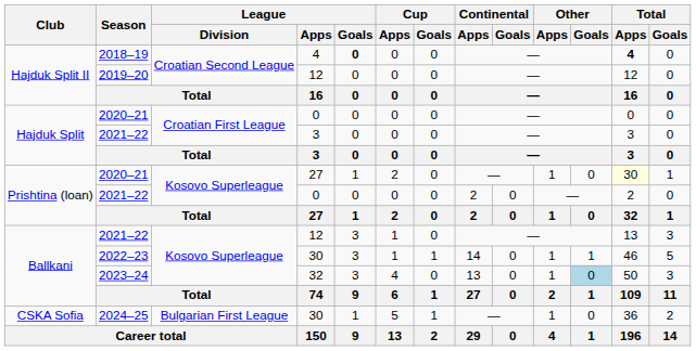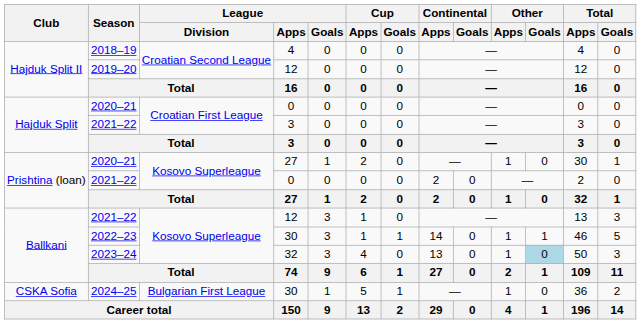 <table class="wikitable" style="text-align:center">
 <tr>
 <th rowspan="2">Club</th>
 <th rowspan="2">Season</th>
 <th colspan="3">League</th>
 <th colspan="2">Cup</th>
 <th colspan="2">Continental</th>
 <th colspan="2">Other</th>
 <th colspan="2">Total</th>
 </tr>
 <tr>
 <th>Division</th>
 <th>Apps</th>
 <th>Goals</th>
 <th>Apps</th>
 <th>Goals</th>
 <th>Apps</th>
 <th>Goals</th>
 <th>Apps</th>
 <th>Goals</th>
 <th>Apps</th>
 <th>Goals</th>
 </tr>
 <tr>
 <td rowspan="3"><a href='#'>Hajduk Split II</a></td>
 <td><a href='#'>2018–19</a></td>
 <td rowspan="2"><a href='#'>Croatian Second League</a></td>
 <td>4</td>
-<td><strong>0</strong></td>
+<td>0</td>
 <td>0</td>
 <td>0</td>
 <td colspan="4">—</td>
-<td><strong>4</strong></td>
+<td>4</td>
 <td>0</td>
 </tr>
 <tr>
 <td><a href='#'>2019–20</a></td>
 <td>12</td>
 <td>0</td>
 <td>0</td>
 <td>0</td>
 <td colspan="4">—</td>
 <td>12</td>
 <td>0</td>
 </tr>
 <tr>
 <th colspan="2">Total</th>
 <th>16</th>
 <th>0</th>
 <th>0</th>
 <th>0</th>
 <th colspan="4">—</th>
 <th>16</th>
 <th>0</th>
 </tr>
 <tr>
 <td rowspan="3"><a href='#'>Hajduk Split</a></td>
 <td><a href='#'>2020–21</a></td>
 <td rowspan="2"><a href='#'>Croatian First League</a></td>
 <td>0</td>
 <td>0</td>
 <td>0</td>
 <td>0</td>
 <td colspan="4">—</td>
 <td>0</td>
 <td>0</td>
 </tr>
 <tr>
 <td><a href='#'>2021–22</a></td>
 <td>3</td>
 <td>0</td>
 <td>0</td>
 <td>0</td>
 <td colspan="4">—</td>
 <td>3</td>
 <td>0</td>
 </tr>
 <tr>
 <th colspan="2">Total</th>
 <th>3</th>
 <th>0</th>
 <th>0</th>
 <th>0</th>
 <th colspan="4">—</th>
 <th>3</th>
 <th>0</th>
 </tr>
 <tr>
 <td rowspan="3"><a href='#'>Prishtina</a> (loan)</td>
 <td><a href='#'>2020–21</a></td>
 <td rowspan="2"><a href='#'>Kosovo Superleague</a></td>
 <td>27</td>
 <td>1</td>
 <td>2</td>
 <td>0</td>
 <td colspan="2">—</td>
 <td>1</td>
 <td>0</td>
-<td style="background: lightyellow;">30</td>
+<td>30</td>
 <td>1</td>
 </tr>
 <tr>
 <td><a href='#'>2021–22</a></td>
 <td>0</td>
 <td>0</td>
 <td>0</td>
 <td>0</td>
 <td>2</td>
 <td>0</td>
 <td colspan="2">—</td>
 <td>2</td>
 <td>0</td>
 </tr>
 <tr>
 <th colspan="2">Total</th>
 <th>27</th>
 <th>1</th>
 <th>2</th>
 <th>0</th>
 <th>2</th>
 <th>0</th>
 <th>1</th>
 <th>0</th>
 <th>32</th>
 <th>1</th>
 </tr>
 <tr>
 <td rowspan="4"><a href='#'>Ballkani</a></td>
 <td><a href='#'>2021–22</a></td>
 <td rowspan="3"><a href='#'>Kosovo Superleague</a></td>
 <td>12</td>
 <td>3</td>
 <td>1</td>
 <td>0</td>
 <td colspan="4">—</td>
 <td>13</td>
 <td>3</td>
 </tr>
 <tr>
 <td><a href='#'>2022–23</a></td>
 <td>30</td>
 <td>3</td>
 <td>1</td>
 <td>1</td>
 <td>14</td>
 <td>0</td>
 <td>1</td>
 <td>1</td>
 <td>46</td>
 <td>5</td>
 </tr>
 <tr>
 <td><a href='#'>2023–24</a></td>
 <td>32</td>
 <td>3</td>
 <td>4</td>
 <td>0</td>
 <td>13</td>
 <td>0</td>
 <td>1</td>
 <td style="background: lightblue;">0</td>
 <td>50</td>
 <td>3</td>
 </tr>
 <tr>
 <th colspan="2">Total</th>
 <th>74</th>
 <th>9</th>
 <th>6</th>
 <th>1</th>
 <th>27</th>
 <th>0</th>
 <th>2</th>
 <th>1</th>
 <th>109</th>
 <th>11</th>
 </tr>
 <tr>
 <td><a href='#'>CSKA Sofia</a></td>
 <td><a href='#'>2024–25</a></td>
 <td><a href='#'>Bulgarian First League</a></td>
 <td>30</td>
 <td>1</td>
 <td>5</td>
 <td>1</td>
 <td colspan="2">—</td>
 <td>1</td>
 <td>0</td>
 <td>36</td>
 <td>2</td>
 </tr>
 <tr>
 <th colspan="3">Career total</th>
 <th>150</th>
 <th>9</th>
 <th>13</th>
 <th>2</th>
 <th>29</th>
 <th>0</th>
 <th>4</th>
 <th>1</th>
 <th>196</th>
 <th>14</th>
 </tr>
 </table>
